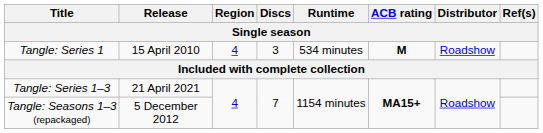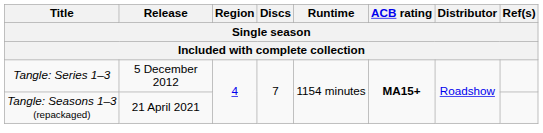 <table class="wikitable">
 <tr>
 <th width="150">Title</th>
 <th width="120">Release</th>
 <th>Region</th>
 <th>Discs</th>
 <th>Runtime</th>
 <th><a href='#'>ACB</a> rating</th>
 <th>Distributor</th>
 <th>Ref(s)</th>
 </tr>
 <tr>
 <th colspan=8>Single season</th>
 </tr>
 <tr>
-<td align="center"><em>Tangle: Series 1</em></td>
-<td align="center">15 April 2010</td>
-<td align="center"><a href='#'>4</a></td>
-<td align="center">3</td>
-<td align="center">534 minutes</td>
-<td align="center"><span> <strong>M</strong> </span></td>
-<td align="center"><a href='#'>Roadshow</a></td>
-<td align="center"></td>
-</tr>
-<tr>
 <th colspan=8>Included with complete collection</th>
 </tr>
 <tr>
 <td align="center"><em>Tangle: Series 1–3</em></td>
-<td align="center">21 April 2021</td>
+<td align="center">5 December 2012</td>
 <td rowspan="2" align="center"><a href='#'>4</a></td>
 <td rowspan="2" align="center">7</td>
 <td rowspan="2" align="center">1154 minutes</td>
 <td rowspan="2" align="center"><span> <strong>MA15+</strong> </span></td>
 <td rowspan="2" align="center"><a href='#'>Roadshow</a></td>
 <td align="center"></td>
 </tr>
 <tr>
 <td align="center"><em>Tangle: Seasons 1–3</em> <small>(repackaged)</small></td>
-<td align="center">5 December 2012</td>
+<td align="center">21 April 2021</td>
 <td align="center"></td>
 </tr>
 </table>
